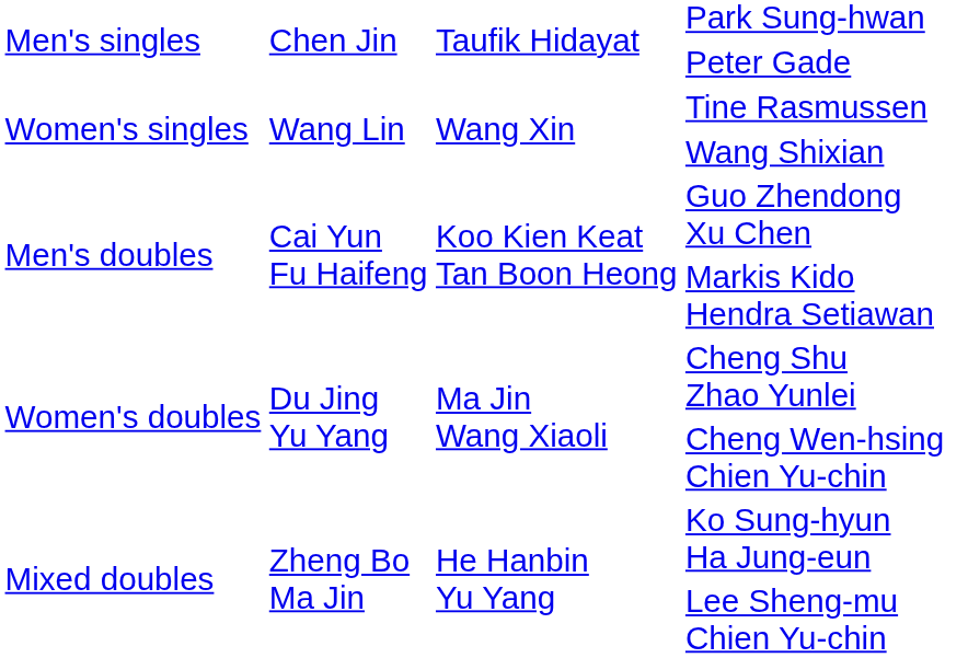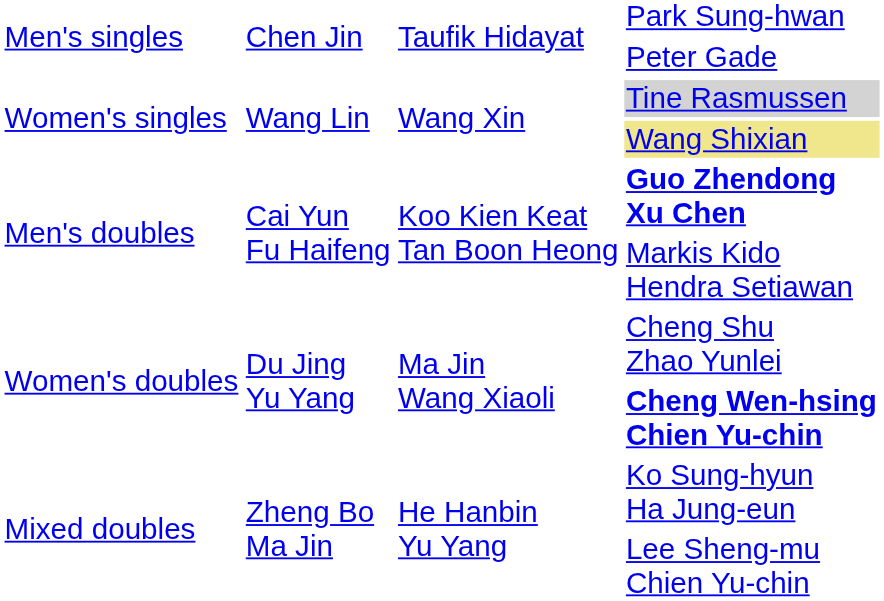 <table>
 <tr>
 <td rowspan=2><a href='#'>Men's singles</a></td>
 <td rowspan=2> <a href='#'>Chen Jin</a></td>
 <td rowspan=2> <a href='#'>Taufik Hidayat</a></td>
 <td> <a href='#'>Park Sung-hwan</a></td>
 </tr>
 <tr>
 <td> <a href='#'>Peter Gade</a></td>
 </tr>
 <tr>
 <td rowspan=2><a href='#'>Women's singles</a></td>
 <td rowspan=2> <a href='#'>Wang Lin</a></td>
 <td rowspan=2> <a href='#'>Wang Xin</a></td>
-<td> <a href='#'>Tine Rasmussen</a><br></td>
+<td style="background: lightgrey;"> <a href='#'>Tine Rasmussen</a><br></td>
 </tr>
 <tr>
-<td> <a href='#'>Wang Shixian</a><br></td>
+<td style="background: khaki;"> <a href='#'>Wang Shixian</a><br></td>
 </tr>
 <tr>
 <td rowspan=2><a href='#'>Men's doubles</a></td>
 <td rowspan=2> <a href='#'>Cai Yun</a><br> <a href='#'>Fu Haifeng</a></td>
 <td rowspan=2> <a href='#'>Koo Kien Keat</a><br> <a href='#'>Tan Boon Heong</a></td>
-<td> <a href='#'>Guo Zhendong</a><br> <a href='#'>Xu Chen</a></td>
+<td><strong> <a href='#'>Guo Zhendong</a><br> <a href='#'>Xu Chen</a></strong></td>
 </tr>
 <tr>
 <td> <a href='#'>Markis Kido</a><br> <a href='#'>Hendra Setiawan</a></td>
 </tr>
 <tr>
 <td rowspan=2><a href='#'>Women's doubles</a></td>
 <td rowspan=2> <a href='#'>Du Jing</a><br> <a href='#'>Yu Yang</a></td>
 <td rowspan=2> <a href='#'>Ma Jin</a><br> <a href='#'>Wang Xiaoli</a></td>
 <td> <a href='#'>Cheng Shu</a><br> <a href='#'>Zhao Yunlei</a></td>
 </tr>
 <tr>
-<td> <a href='#'>Cheng Wen-hsing</a><br> <a href='#'>Chien Yu-chin</a></td>
+<td><strong> <a href='#'>Cheng Wen-hsing</a><br> <a href='#'>Chien Yu-chin</a></strong></td>
 </tr>
 <tr>
 <td rowspan=2><a href='#'>Mixed doubles</a></td>
 <td rowspan=2> <a href='#'>Zheng Bo</a><br> <a href='#'>Ma Jin</a></td>
 <td rowspan=2> <a href='#'>He Hanbin</a><br> <a href='#'>Yu Yang</a></td>
 <td> <a href='#'>Ko Sung-hyun</a><br> <a href='#'>Ha Jung-eun</a></td>
 </tr>
 <tr>
 <td> <a href='#'>Lee Sheng-mu</a><br> <a href='#'>Chien Yu-chin</a></td>
 </tr>
 </table>
